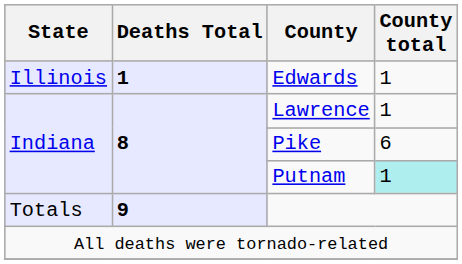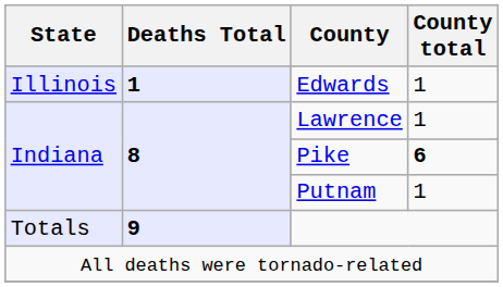 <table class="wikitable" style="margin:0 0 0.5em 1em;float:right;">
 <tr>
 <th><strong>State</strong></th>
 <th><strong>Deaths Total</strong></th>
 <th><strong>County</strong></th>
 <th><strong>County<br>total</strong></th>
 </tr>
 <tr>
 <td rowspan=1 bgcolor="#e6e9ff"><a href='#'>Illinois</a></td>
 <td rowspan=1 bgcolor="#e6e9ff"><strong>1</strong></td>
 <td><a href='#'>Edwards</a></td>
 <td>1</td>
 </tr>
 <tr>
 <td rowspan=3 bgcolor="#e6e9ff"><a href='#'>Indiana</a></td>
 <td rowspan=3 bgcolor="#e6e9ff"><strong>8</strong></td>
 <td><a href='#'>Lawrence</a></td>
 <td>1</td>
 </tr>
 <tr>
 <td><a href='#'>Pike</a></td>
-<td>6</td>
+<td><strong>6</strong></td>
 </tr>
 <tr>
 <td><a href='#'>Putnam</a></td>
-<td style="background: paleturquoise;">1</td>
+<td>1</td>
 </tr>
 <tr>
 <td bgcolor="#e6e9ff">Totals</td>
 <td bgcolor="#e6e9ff"><strong>9</strong></td>
 <td colspan=2></td>
 </tr>
 <tr>
 <td colspan=4 align=center><small>All deaths were tornado-related</small></td>
 </tr>
 <tr>
 </tr>
 </table>
